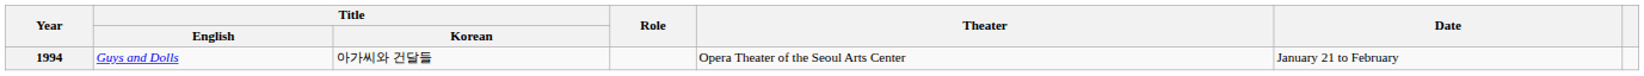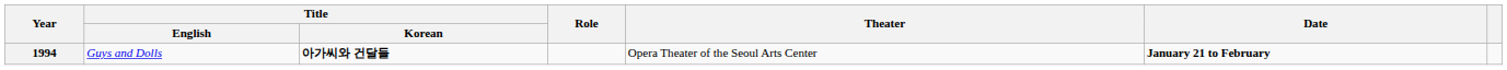 <table class="wikitable sortable plainrowheaders" style="clear:none; font-size:100%; padding:0 auto; width:100%; margin:auto">
 <tr>
 <th rowspan="2" scope="col">Year</th>
 <th colspan="2" scope="col">Title</th>
 <th rowspan="2" scope="col">Role</th>
 <th rowspan="2" scope="col">Theater</th>
 <th rowspan="2" scope="col">Date</th>
 <th rowspan="2" scope="col" class="unsortable"></th>
 </tr>
 <tr>
 <th>English</th>
 <th>Korean</th>
 </tr>
 <tr>
 <th scope="row">1994</th>
 <td><em><a href='#'>Guys and Dolls</a></em></td>
-<td>아가씨와 건달들</td>
+<td><strong>아가씨와 건달들</strong></td>
 <td></td>
 <td>Opera Theater of the Seoul Arts Center</td>
-<td>January 21 to February</td>
+<td><strong>January 21 to February</strong></td>
 <td></td>
 </tr>
 </table>
